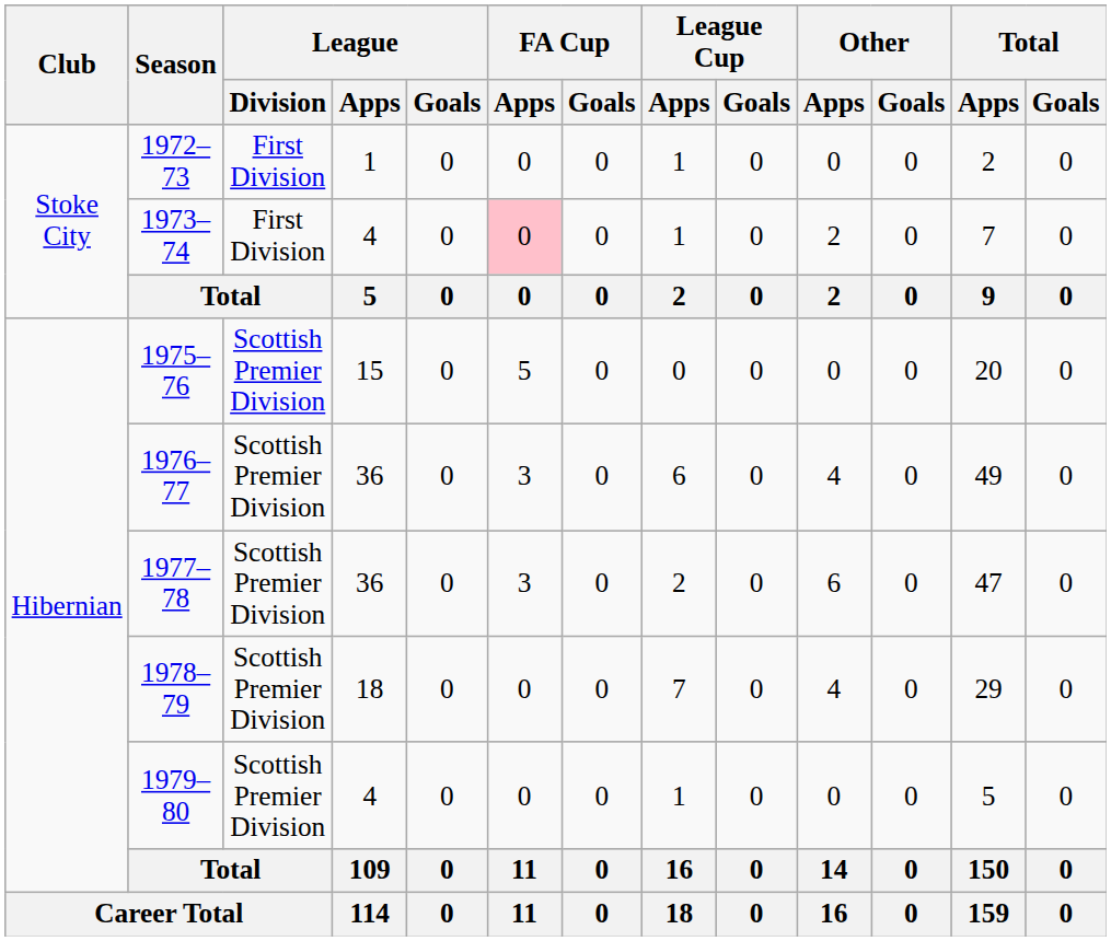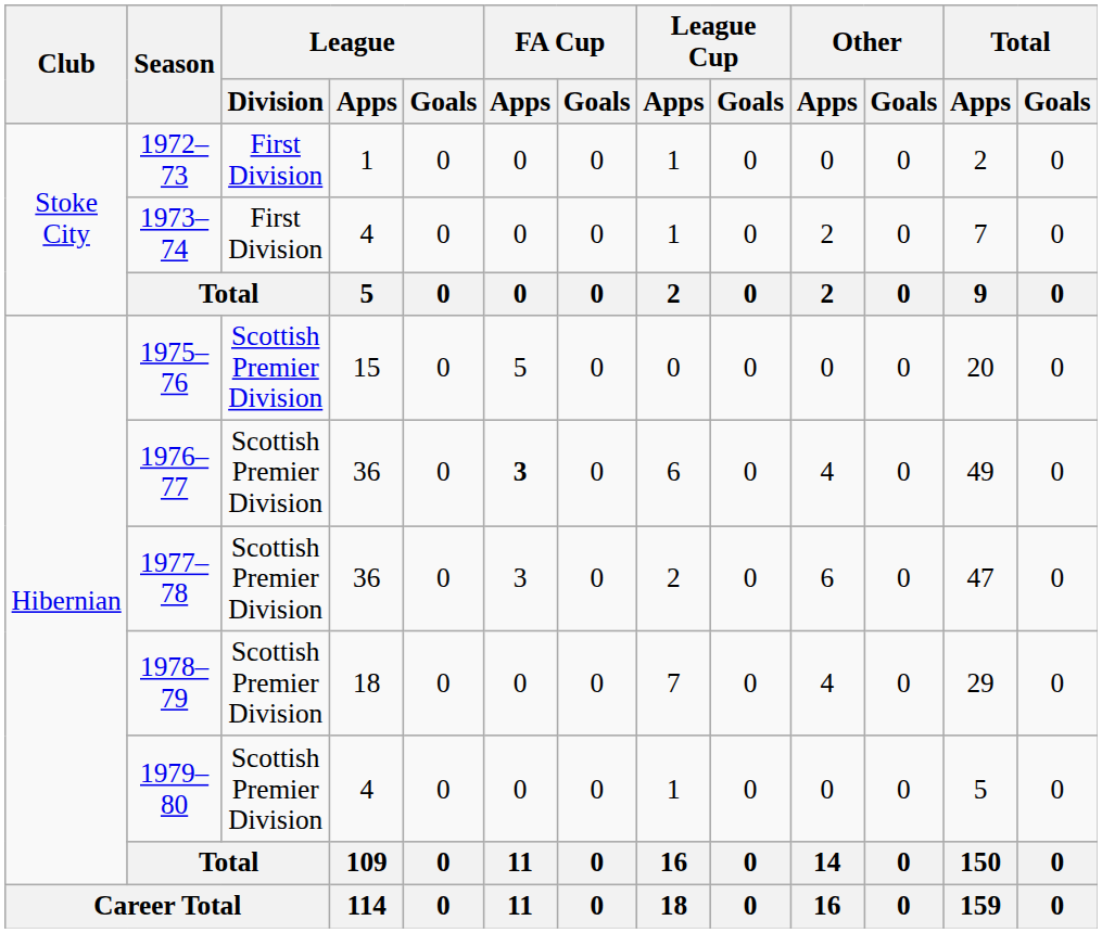 <table class="wikitable" style="text-align: center;">
 <tr>
 <th rowspan="2">Club</th>
 <th rowspan="2">Season</th>
 <th colspan="3">League</th>
 <th colspan="2">FA Cup</th>
 <th colspan="2">League Cup</th>
 <th colspan="2">Other</th>
 <th colspan="2">Total</th>
 </tr>
 <tr>
 <th>Division</th>
 <th>Apps</th>
 <th>Goals</th>
 <th>Apps</th>
 <th>Goals</th>
 <th>Apps</th>
 <th>Goals</th>
 <th>Apps</th>
 <th>Goals</th>
 <th>Apps</th>
 <th>Goals</th>
 </tr>
 <tr>
 <td rowspan="3"><a href='#'>Stoke City</a></td>
 <td><a href='#'>1972–73</a></td>
 <td><a href='#'>First Division</a></td>
 <td>1</td>
 <td>0</td>
 <td>0</td>
 <td>0</td>
 <td>1</td>
 <td>0</td>
 <td>0</td>
 <td>0</td>
 <td>2</td>
 <td>0</td>
 </tr>
 <tr>
 <td><a href='#'>1973–74</a></td>
 <td>First Division</td>
 <td>4</td>
 <td>0</td>
-<td style="background: pink;">0</td>
+<td>0</td>
 <td>0</td>
 <td>1</td>
 <td>0</td>
 <td>2</td>
 <td>0</td>
 <td>7</td>
 <td>0</td>
 </tr>
 <tr>
 <th colspan=2>Total</th>
 <th>5</th>
 <th>0</th>
 <th>0</th>
 <th>0</th>
 <th>2</th>
 <th>0</th>
 <th>2</th>
 <th>0</th>
 <th>9</th>
 <th>0</th>
 </tr>
 <tr>
 <td rowspan="6"><a href='#'>Hibernian</a></td>
 <td><a href='#'>1975–76</a></td>
 <td><a href='#'>Scottish Premier Division</a></td>
 <td>15</td>
 <td>0</td>
 <td>5</td>
 <td>0</td>
 <td>0</td>
 <td>0</td>
 <td>0</td>
 <td>0</td>
 <td>20</td>
 <td>0</td>
 </tr>
 <tr>
 <td><a href='#'>1976–77</a></td>
 <td>Scottish Premier Division</td>
 <td>36</td>
 <td>0</td>
-<td>3</td>
+<td><strong>3</strong></td>
 <td>0</td>
 <td>6</td>
 <td>0</td>
 <td>4</td>
 <td>0</td>
 <td>49</td>
 <td>0</td>
 </tr>
 <tr>
 <td><a href='#'>1977–78</a></td>
 <td>Scottish Premier Division</td>
 <td>36</td>
 <td>0</td>
 <td>3</td>
 <td>0</td>
 <td>2</td>
 <td>0</td>
 <td>6</td>
 <td>0</td>
 <td>47</td>
 <td>0</td>
 </tr>
 <tr>
 <td><a href='#'>1978–79</a></td>
 <td>Scottish Premier Division</td>
 <td>18</td>
 <td>0</td>
 <td>0</td>
 <td>0</td>
 <td>7</td>
 <td>0</td>
 <td>4</td>
 <td>0</td>
 <td>29</td>
 <td>0</td>
 </tr>
 <tr>
 <td><a href='#'>1979–80</a></td>
 <td>Scottish Premier Division</td>
 <td>4</td>
 <td>0</td>
 <td>0</td>
 <td>0</td>
 <td>1</td>
 <td>0</td>
 <td>0</td>
 <td>0</td>
 <td>5</td>
 <td>0</td>
 </tr>
 <tr>
 <th colspan=2>Total</th>
 <th>109</th>
 <th>0</th>
 <th>11</th>
 <th>0</th>
 <th>16</th>
 <th>0</th>
 <th>14</th>
 <th>0</th>
 <th>150</th>
 <th>0</th>
 </tr>
 <tr>
 <th colspan="3">Career Total</th>
 <th>114</th>
 <th>0</th>
 <th>11</th>
 <th>0</th>
 <th>18</th>
 <th>0</th>
 <th>16</th>
 <th>0</th>
 <th>159</th>
 <th>0</th>
 </tr>
 </table>
